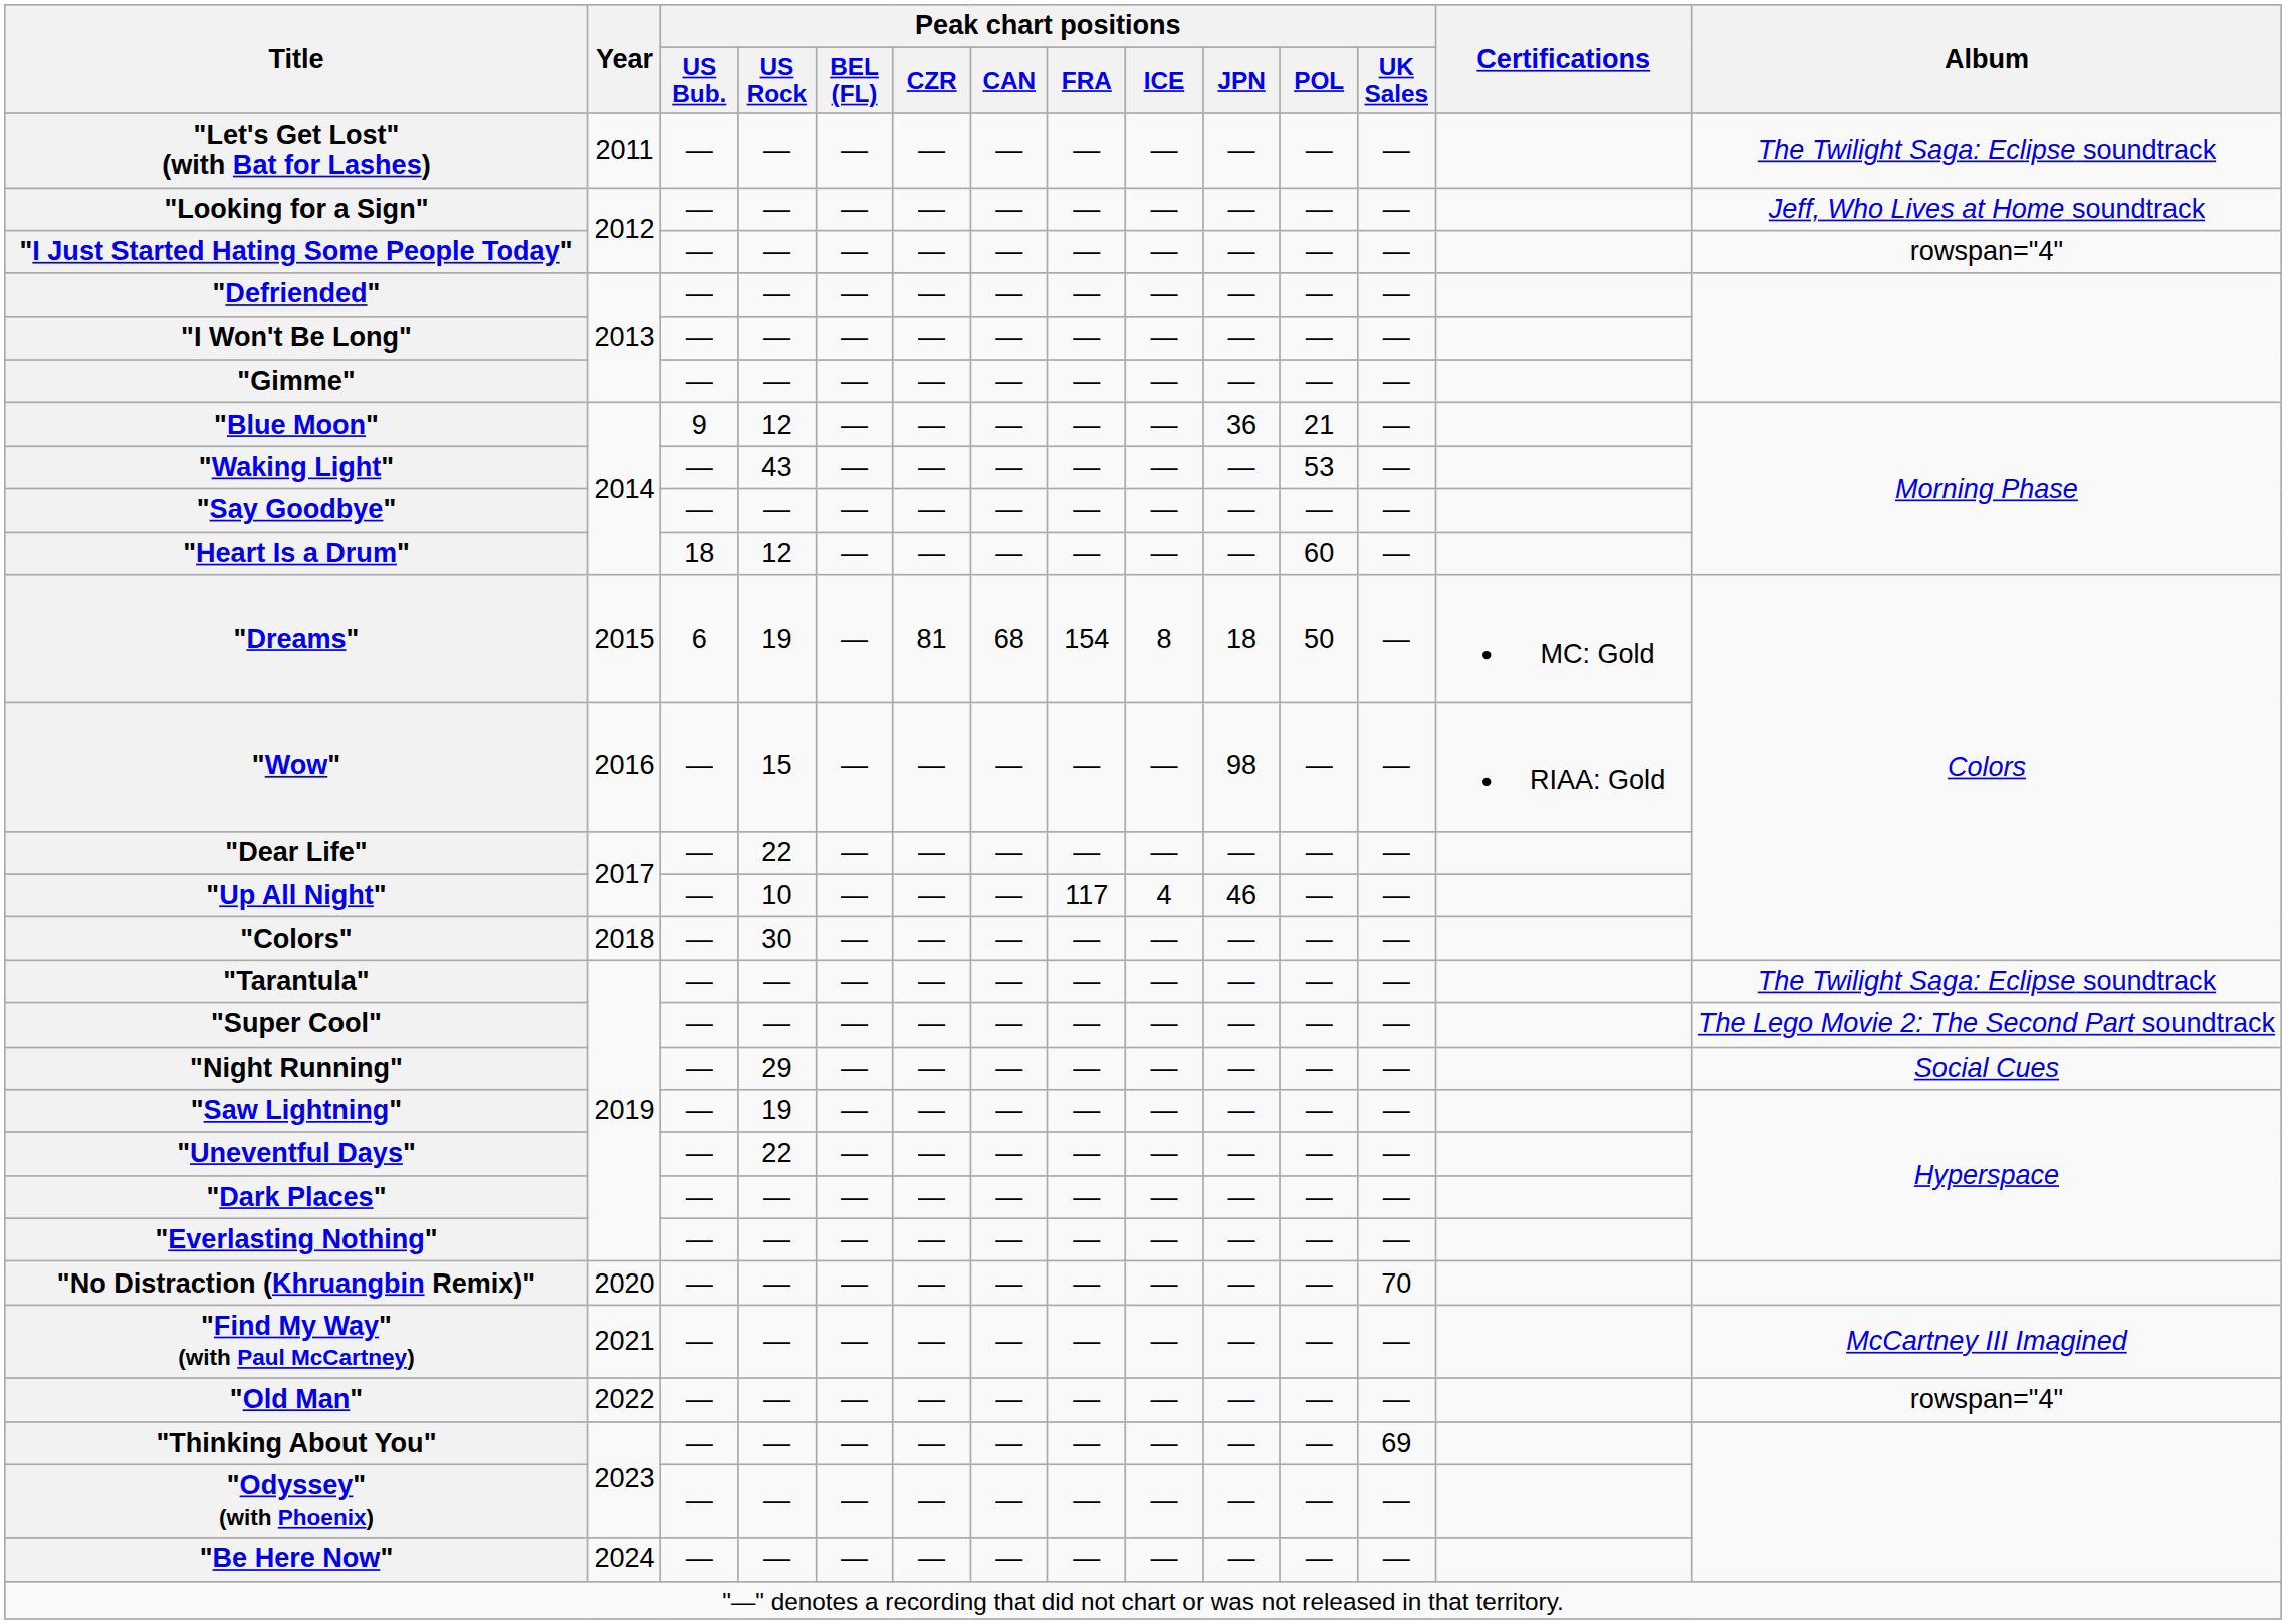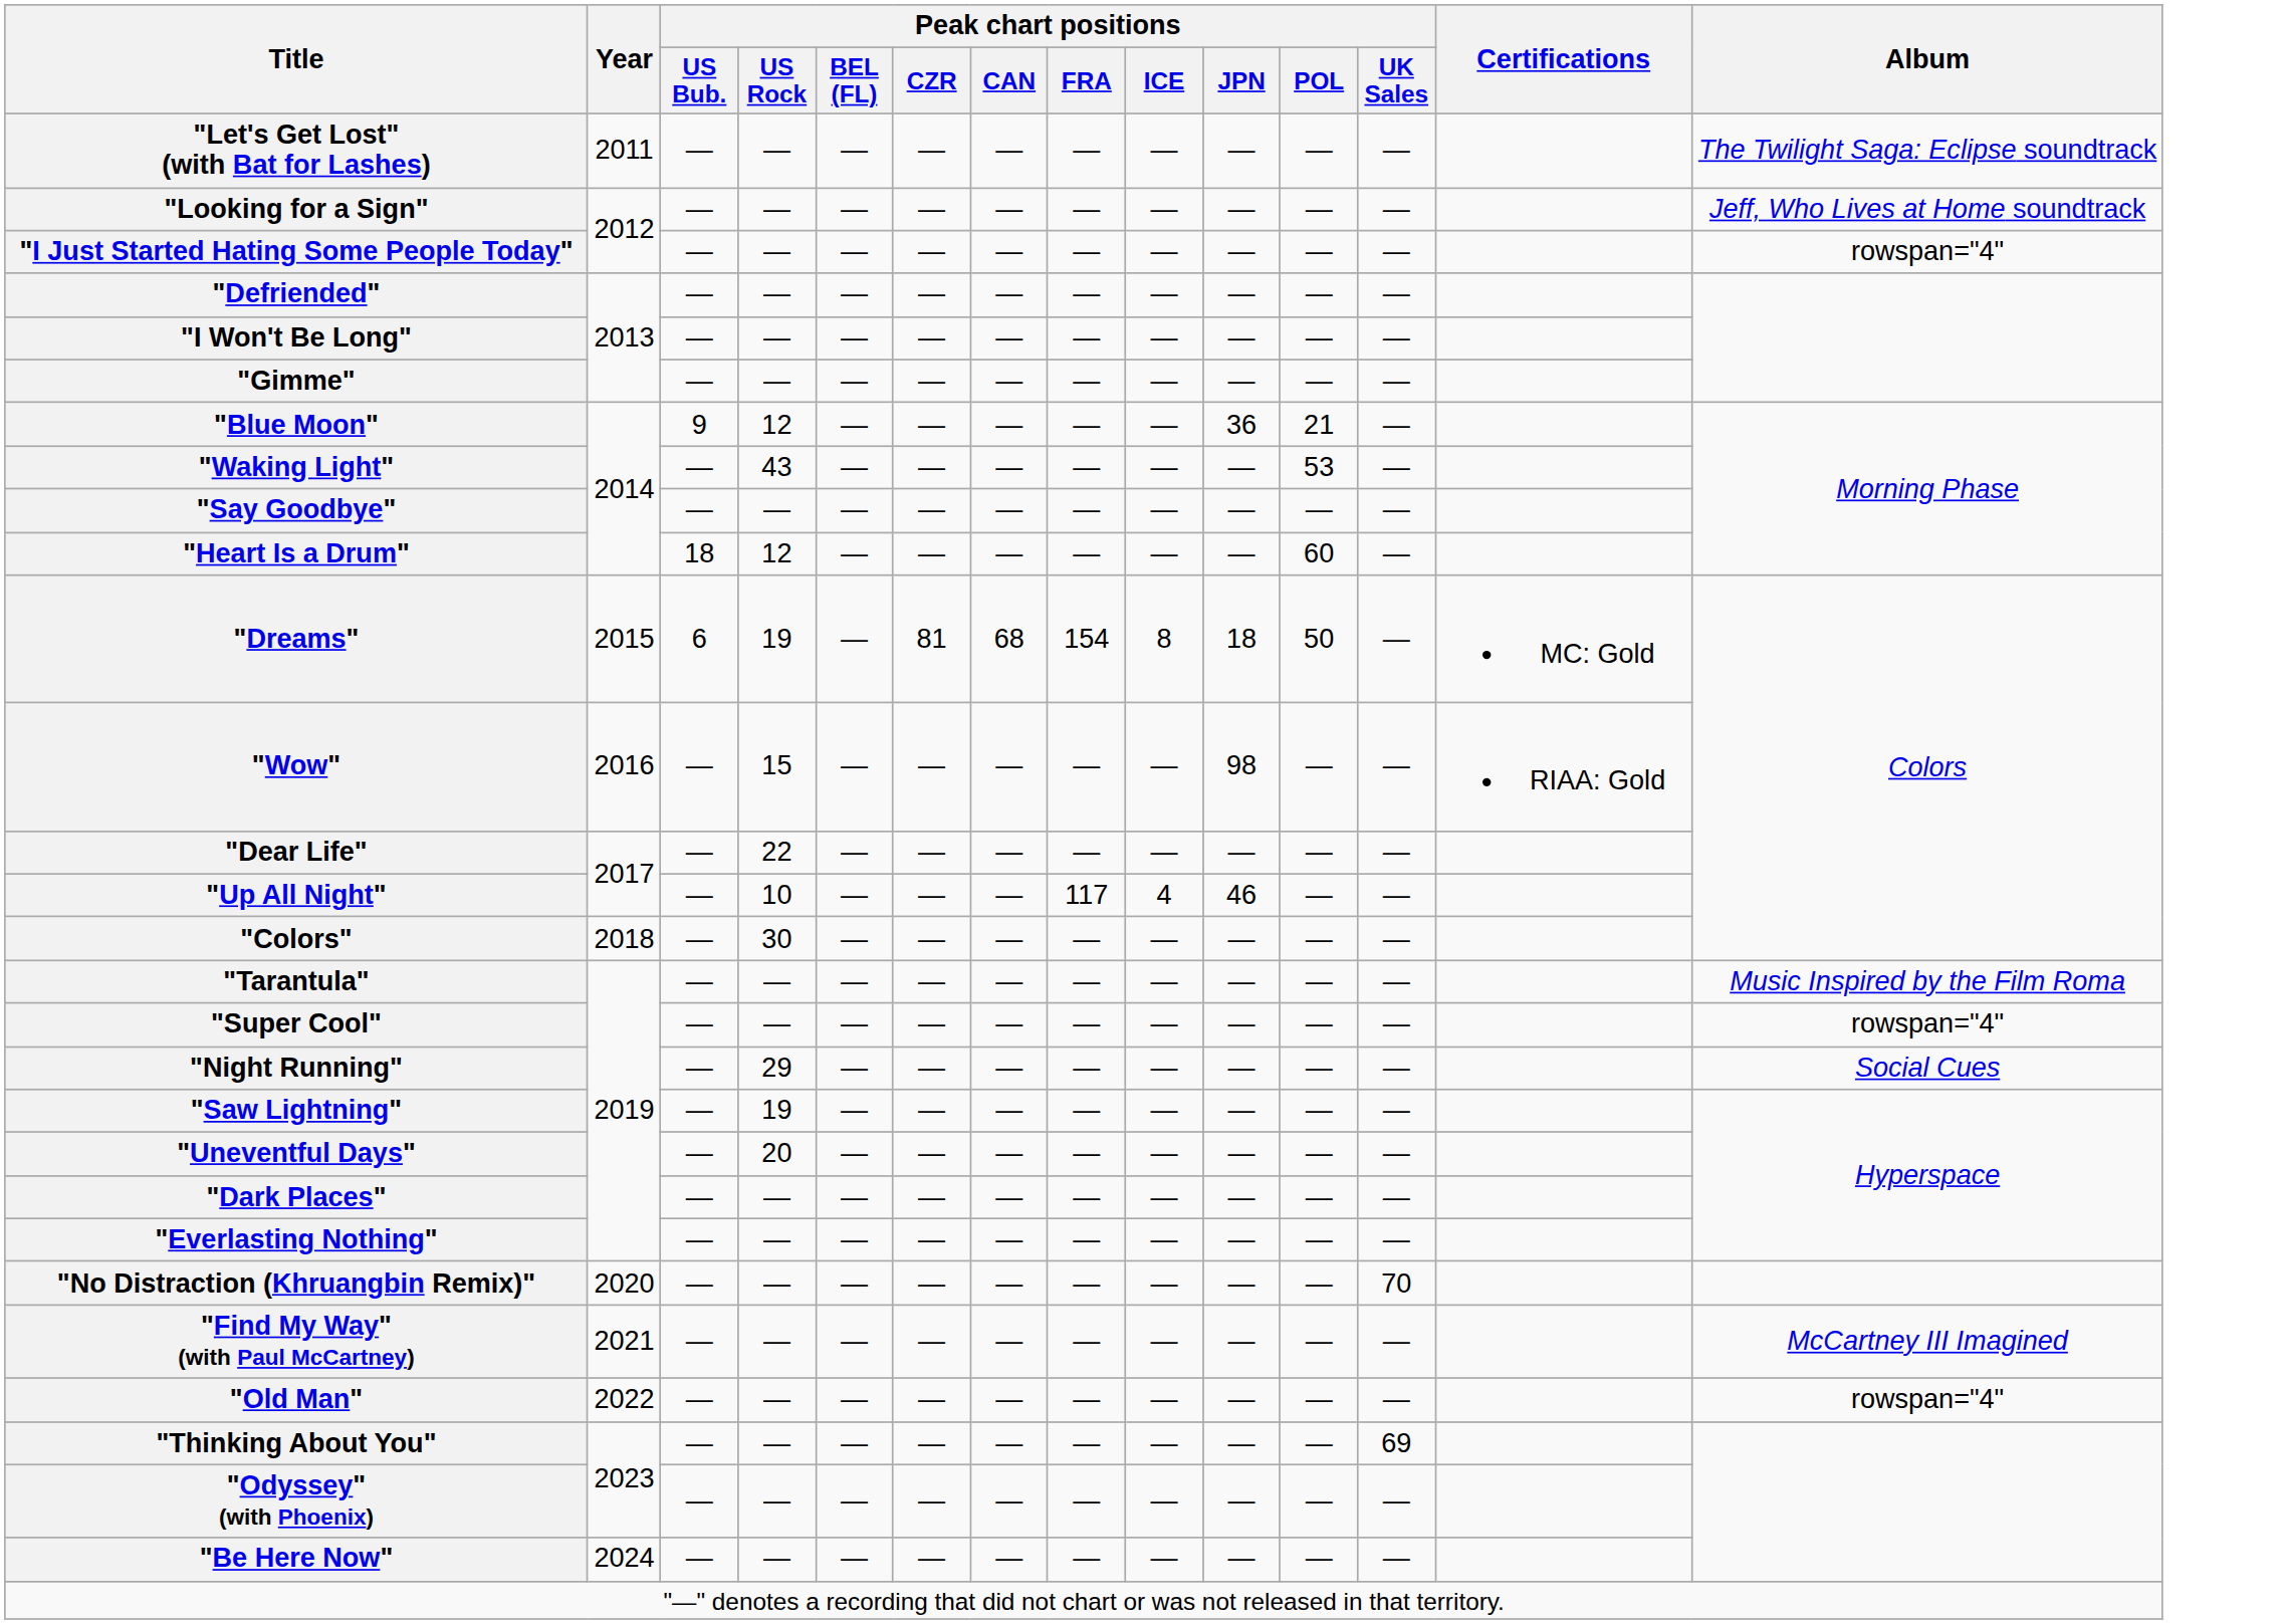 <table class="wikitable plainrowheaders" style="text-align:center">
 <tr>
 <th scope="col" rowspan="2" style="width:21em;">Title</th>
 <th scope="col" rowspan="2">Year</th>
 <th scope="col" colspan="10">Peak chart positions</th>
 <th scope="col" rowspan="2" style="width:9em;"><a href='#'>Certifications</a></th>
 <th scope="col" rowspan="2">Album</th>
 </tr>
 <tr>
 <th scope="col" style="width:2.7em;font-size:90%;"><a href='#'>US<br>Bub.</a><br></th>
 <th scope="col" style="width:2.7em;font-size:90%;"><a href='#'>US<br>Rock</a><br></th>
 <th scope="col" style="width:2.7em;font-size:90%;"><a href='#'>BEL<br>(FL)</a><br></th>
 <th scope="col" style="width:2.7em;font-size:90%;"><a href='#'>CZR</a><br></th>
 <th scope="col" style="width:2.7em;font-size:90%;"><a href='#'>CAN</a><br></th>
 <th scope="col" style="width:2.7em;font-size:90%;"><a href='#'>FRA</a><br></th>
 <th scope="col" style="width:2.7em;font-size:90%;"><a href='#'>ICE</a><br></th>
 <th scope="col" style="width:2.7em;font-size:90%;"><a href='#'>JPN</a><br></th>
 <th scope="col" style="width:2.7em;font-size:90%;"><a href='#'>POL</a><br></th>
 <th scope="col" style="width:2.7em;font-size:90%;"><a href='#'>UK<br>Sales</a><br></th>
 </tr>
 <tr>
 <th scope="row">"Let's Get Lost"<br><span>(with <a href='#'>Bat for Lashes</a>)</span></th>
 <td>2011</td>
 <td>—</td>
 <td>—</td>
 <td>—</td>
 <td>—</td>
 <td>—</td>
 <td>—</td>
 <td>—</td>
 <td>—</td>
 <td>—</td>
 <td>—</td>
 <td></td>
 <td><a href='#'><em>The Twilight Saga: Eclipse</em> soundtrack</a></td>
 </tr>
 <tr>
 <th scope="row">"Looking for a Sign"</th>
 <td rowspan="2">2012</td>
 <td>—</td>
 <td>—</td>
 <td>—</td>
 <td>—</td>
 <td>—</td>
 <td>—</td>
 <td>—</td>
 <td>—</td>
 <td>—</td>
 <td>—</td>
 <td></td>
 <td><a href='#'><em>Jeff, Who Lives at Home</em> soundtrack</a></td>
 </tr>
 <tr>
 <th scope="row">"<a href='#'>I Just Started Hating Some People Today</a>"</th>
 <td>—</td>
 <td>—</td>
 <td>—</td>
 <td>—</td>
 <td>—</td>
 <td>—</td>
 <td>—</td>
 <td>—</td>
 <td>—</td>
 <td>—</td>
 <td></td>
 <td>rowspan="4" </td>
 </tr>
 <tr>
 <th scope="row">"<a href='#'>Defriended</a>"</th>
 <td rowspan="3">2013</td>
 <td>—</td>
 <td>—</td>
 <td>—</td>
 <td>—</td>
 <td>—</td>
 <td>—</td>
 <td>—</td>
 <td>—</td>
 <td>—</td>
 <td>—</td>
 <td></td>
 </tr>
 <tr>
 <th scope="row">"I Won't Be Long"</th>
 <td>—</td>
 <td>—</td>
 <td>—</td>
 <td>—</td>
 <td>—</td>
 <td>—</td>
 <td>—</td>
 <td>—</td>
 <td>—</td>
 <td>—</td>
 <td></td>
 </tr>
 <tr>
 <th scope="row">"Gimme"</th>
 <td>—</td>
 <td>—</td>
 <td>—</td>
 <td>—</td>
 <td>—</td>
 <td>—</td>
 <td>—</td>
 <td>—</td>
 <td>—</td>
 <td>—</td>
 <td></td>
 </tr>
 <tr>
 <th scope="row">"<a href='#'>Blue Moon</a>"</th>
 <td rowspan="4">2014</td>
 <td>9</td>
 <td>12</td>
 <td>—</td>
 <td>—</td>
 <td>—</td>
 <td>—</td>
 <td>—</td>
 <td>36</td>
 <td>21</td>
 <td>—</td>
 <td></td>
 <td rowspan="4"><em><a href='#'>Morning Phase</a></em></td>
 </tr>
 <tr>
 <th scope="row">"<a href='#'>Waking Light</a>"</th>
 <td>—</td>
 <td>43</td>
 <td>—</td>
 <td>—</td>
 <td>—</td>
 <td>—</td>
 <td>—</td>
 <td>—</td>
 <td>53</td>
 <td>—</td>
 <td></td>
 </tr>
 <tr>
 <th scope="row">"<a href='#'>Say Goodbye</a>"</th>
 <td>—</td>
 <td>—</td>
 <td>—</td>
 <td>—</td>
 <td>—</td>
 <td>—</td>
 <td>—</td>
 <td>—</td>
 <td>—</td>
 <td>—</td>
 <td></td>
 </tr>
 <tr>
 <th scope="row">"<a href='#'>Heart Is a Drum</a>"</th>
 <td>18</td>
 <td>12</td>
 <td>—</td>
 <td>—</td>
 <td>—</td>
 <td>—</td>
 <td>—</td>
 <td>—</td>
 <td>60</td>
 <td>—</td>
 <td></td>
 </tr>
 <tr>
 <th scope="row">"<a href='#'>Dreams</a>"</th>
 <td>2015</td>
 <td>6</td>
 <td>19</td>
 <td>—</td>
 <td>81</td>
 <td>68</td>
 <td>154</td>
 <td>8</td>
 <td>18</td>
 <td>50</td>
 <td>—</td>
 <td><br><ul><li>MC: Gold</li></ul></td>
 <td rowspan="5"><em><a href='#'>Colors</a></em></td>
 </tr>
 <tr>
 <th scope="row">"<a href='#'>Wow</a>"</th>
 <td>2016</td>
 <td>—</td>
 <td>15</td>
 <td>—</td>
 <td>—</td>
 <td>—</td>
 <td>—</td>
 <td>—</td>
 <td>98</td>
 <td>—</td>
 <td>—</td>
 <td><br><ul><li>RIAA: Gold</li></ul></td>
 </tr>
 <tr>
 <th scope="row">"Dear Life"</th>
 <td rowspan="2">2017</td>
 <td>—</td>
 <td>22</td>
 <td>—</td>
 <td>—</td>
 <td>—</td>
 <td>—</td>
 <td>—</td>
 <td>—</td>
 <td>—</td>
 <td>—</td>
 <td></td>
 </tr>
 <tr>
 <th scope="row">"<a href='#'>Up All Night</a>"</th>
 <td>—</td>
 <td>10</td>
 <td>—</td>
 <td>—</td>
 <td>—</td>
 <td>117</td>
 <td>4</td>
 <td>46</td>
 <td>—</td>
 <td>—</td>
 <td></td>
 </tr>
 <tr>
 <th scope="row">"Colors"</th>
 <td>2018</td>
 <td>—</td>
 <td>30</td>
 <td>—</td>
 <td>—</td>
 <td>—</td>
 <td>—</td>
 <td>—</td>
 <td>—</td>
 <td>—</td>
 <td>—</td>
 <td></td>
 </tr>
 <tr>
 <th scope="row">"Tarantula"</th>
 <td rowspan="7">2019</td>
 <td>—</td>
 <td>—</td>
 <td>—</td>
 <td>—</td>
 <td>—</td>
 <td>—</td>
 <td>—</td>
 <td>—</td>
 <td>—</td>
 <td>—</td>
 <td></td>
-<td><a href='#'><em>The Twilight Saga: Eclipse</em> soundtrack</a></td>
+<td><em><a href='#'>Music Inspired by the Film Roma</a></em></td>
 </tr>
 <tr>
 <th scope="row">"Super Cool"<br></th>
 <td>—</td>
 <td>—</td>
 <td>—</td>
 <td>—</td>
 <td>—</td>
 <td>—</td>
 <td>—</td>
 <td>—</td>
 <td>—</td>
 <td>—</td>
 <td></td>
-<td><a href='#'><em>The Lego Movie 2: The Second Part</em> soundtrack</a></td>
+<td>rowspan="4" </td>
 </tr>
 <tr>
 <th scope="row">"Night Running"<br></th>
 <td>—</td>
 <td>29</td>
 <td>—</td>
 <td>—</td>
 <td>—</td>
 <td>—</td>
 <td>—</td>
 <td>—</td>
 <td>—</td>
 <td>—</td>
 <td></td>
 <td><em><a href='#'>Social Cues</a></em></td>
 </tr>
 <tr>
 <th scope="row">"<a href='#'>Saw Lightning</a>"</th>
 <td>—</td>
 <td>19</td>
 <td>—</td>
 <td>—</td>
 <td>—</td>
 <td>—</td>
 <td>—</td>
 <td>—</td>
 <td>—</td>
 <td>—</td>
 <td></td>
 <td rowspan="4"><em><a href='#'>Hyperspace</a></em></td>
 </tr>
 <tr>
 <th scope="row">"<a href='#'>Uneventful Days</a>"</th>
 <td>—</td>
-<td>22</td>
+<td>20</td>
 <td>—</td>
 <td>—</td>
 <td>—</td>
 <td>—</td>
 <td>—</td>
 <td>—</td>
 <td>—</td>
 <td>—</td>
 <td></td>
 </tr>
 <tr>
 <th scope="row">"<a href='#'>Dark Places</a>"</th>
 <td>—</td>
 <td>—</td>
 <td>—</td>
 <td>—</td>
 <td>—</td>
 <td>—</td>
 <td>—</td>
 <td>—</td>
 <td>—</td>
 <td>—</td>
 <td></td>
 </tr>
 <tr>
 <th scope="row">"<a href='#'>Everlasting Nothing</a>"</th>
 <td>—</td>
 <td>—</td>
 <td>—</td>
 <td>—</td>
 <td>—</td>
 <td>—</td>
 <td>—</td>
 <td>—</td>
 <td>—</td>
 <td>—</td>
 <td></td>
 </tr>
 <tr>
 <th scope="row">"No Distraction (<a href='#'>Khruangbin</a> Remix)"</th>
 <td>2020</td>
 <td>—</td>
 <td>—</td>
 <td>—</td>
 <td>—</td>
 <td>—</td>
 <td>—</td>
 <td>—</td>
 <td>—</td>
 <td>—</td>
 <td>70</td>
 <td></td>
 <td></td>
 </tr>
 <tr>
 <th scope="row">"<a href='#'>Find My Way</a>"<br><small>(with <a href='#'>Paul McCartney</a>)</small></th>
 <td>2021</td>
 <td>—</td>
 <td>—</td>
 <td>—</td>
 <td>—</td>
 <td>—</td>
 <td>—</td>
 <td>—</td>
 <td>—</td>
 <td>—</td>
 <td>—</td>
 <td></td>
 <td><em><a href='#'>McCartney III Imagined</a></em></td>
 </tr>
 <tr>
 <th scope="row">"<a href='#'>Old Man</a>"</th>
 <td>2022</td>
 <td>—</td>
 <td>—</td>
 <td>—</td>
 <td>—</td>
 <td>—</td>
 <td>—</td>
 <td>—</td>
 <td>—</td>
 <td>—</td>
 <td>—</td>
 <td></td>
 <td>rowspan="4" </td>
 </tr>
 <tr>
 <th scope="row">"Thinking About You"</th>
 <td rowspan="2">2023</td>
 <td>—</td>
 <td>—</td>
 <td>—</td>
 <td>—</td>
 <td>—</td>
 <td>—</td>
 <td>—</td>
 <td>—</td>
 <td>—</td>
 <td>69</td>
 <td></td>
 </tr>
 <tr>
 <th scope="row">"<a href='#'>Odyssey</a>"<br><small>(with <a href='#'>Phoenix</a>)</small></th>
 <td>—</td>
 <td>—</td>
 <td>—</td>
 <td>—</td>
 <td>—</td>
 <td>—</td>
 <td>—</td>
 <td>—</td>
 <td>—</td>
 <td>—</td>
 <td></td>
 </tr>
 <tr>
 <th scope="row">"<a href='#'>Be Here Now</a>"</th>
 <td>2024</td>
 <td>—</td>
 <td>—</td>
 <td>—</td>
 <td>—</td>
 <td>—</td>
 <td>—</td>
 <td>—</td>
 <td>—</td>
 <td>—</td>
 <td>—</td>
 <td></td>
 </tr>
 <tr>
 <td colspan="14" style="font-size:90%">"—" denotes a recording that did not chart or was not released in that territory.</td>
 </tr>
 </table>
